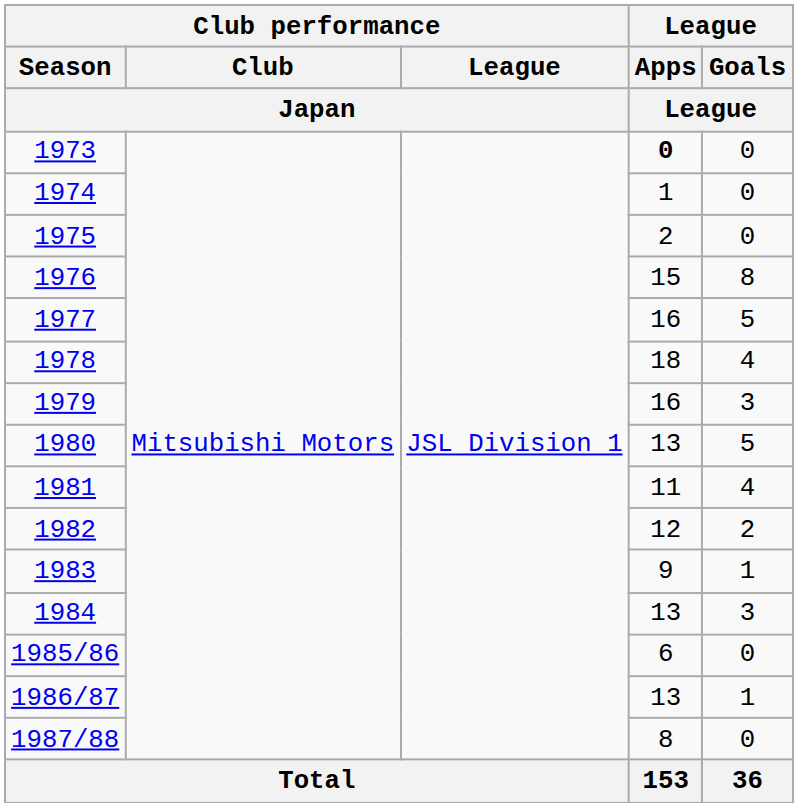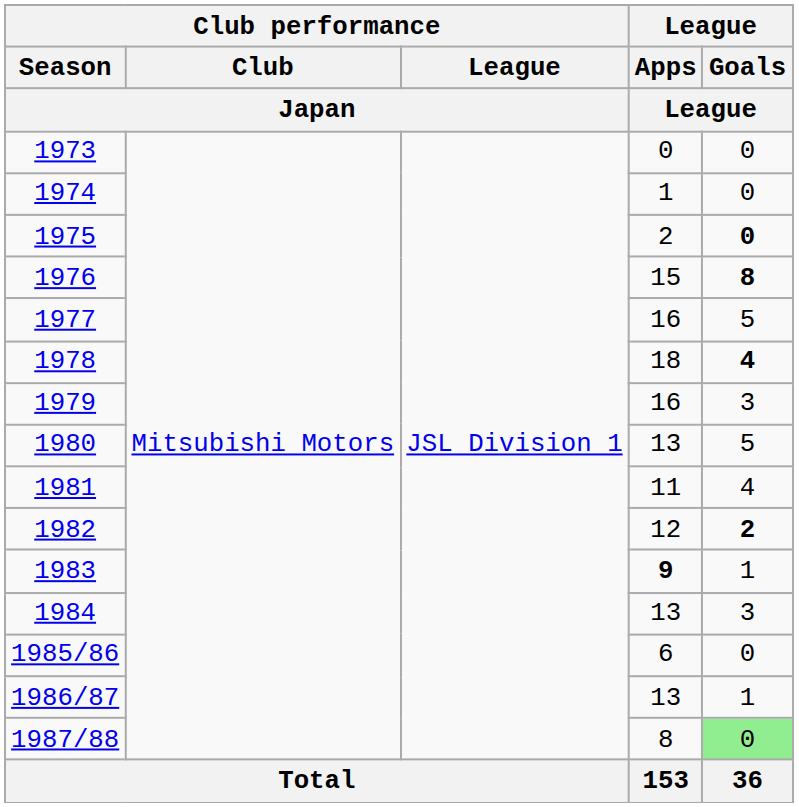 <table class="wikitable" style="text-align:center;">
 <tr>
 <th colspan=3>Club performance</th>
 <th colspan=2>League</th>
 </tr>
 <tr>
 <th>Season</th>
 <th>Club</th>
 <th>League</th>
 <th>Apps</th>
 <th>Goals</th>
 </tr>
 <tr>
 <th colspan=3>Japan</th>
 <th colspan=2>League</th>
 </tr>
 <tr>
 <td><a href='#'>1973</a></td>
 <td rowspan="15"><a href='#'>Mitsubishi Motors</a></td>
 <td rowspan="15"><a href='#'>JSL Division 1</a></td>
-<td><strong>0</strong></td>
+<td>0</td>
 <td>0</td>
 </tr>
 <tr>
 <td><a href='#'>1974</a></td>
 <td>1</td>
 <td>0</td>
 </tr>
 <tr>
 <td><a href='#'>1975</a></td>
 <td>2</td>
-<td>0</td>
+<td><strong>0</strong></td>
 </tr>
 <tr>
 <td><a href='#'>1976</a></td>
 <td>15</td>
-<td>8</td>
+<td><strong>8</strong></td>
 </tr>
 <tr>
 <td><a href='#'>1977</a></td>
 <td>16</td>
 <td>5</td>
 </tr>
 <tr>
 <td><a href='#'>1978</a></td>
 <td>18</td>
-<td>4</td>
+<td><strong>4</strong></td>
 </tr>
 <tr>
 <td><a href='#'>1979</a></td>
 <td>16</td>
 <td>3</td>
 </tr>
 <tr>
 <td><a href='#'>1980</a></td>
 <td>13</td>
 <td>5</td>
 </tr>
 <tr>
 <td><a href='#'>1981</a></td>
 <td>11</td>
 <td>4</td>
 </tr>
 <tr>
 <td><a href='#'>1982</a></td>
 <td>12</td>
-<td>2</td>
+<td><strong>2</strong></td>
 </tr>
 <tr>
 <td><a href='#'>1983</a></td>
-<td>9</td>
+<td><strong>9</strong></td>
 <td>1</td>
 </tr>
 <tr>
 <td><a href='#'>1984</a></td>
 <td>13</td>
 <td>3</td>
 </tr>
 <tr>
 <td><a href='#'>1985/86</a></td>
 <td>6</td>
 <td>0</td>
 </tr>
 <tr>
 <td><a href='#'>1986/87</a></td>
 <td>13</td>
 <td>1</td>
 </tr>
 <tr>
 <td><a href='#'>1987/88</a></td>
 <td>8</td>
-<td>0</td>
+<td style="background: lightgreen;">0</td>
 </tr>
 <tr>
 <th colspan=3>Total</th>
 <th>153</th>
 <th>36</th>
 </tr>
 </table>
